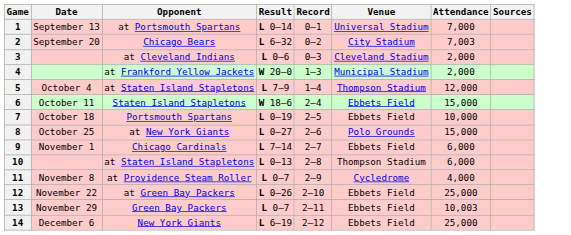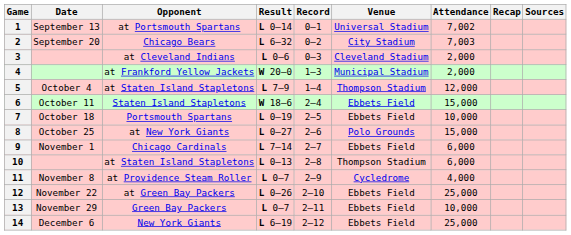 <table class="wikitable" style="text-align:center">
 <tr>
 <th>Game</th>
 <th>Date</th>
 <th>Opponent</th>
 <th>Result</th>
 <th>Record</th>
 <th>Venue</th>
 <th>Attendance</th>
+<th>Recap</th>
 <th>Sources</th>
 </tr>
 <tr style="background:#fcc">
 <th>1</th>
 <td>September 13</td>
 <td>at <a href='#'>Portsmouth Spartans</a></td>
 <td><strong>L</strong> 0–14</td>
 <td>0–1</td>
 <td><a href='#'>Universal Stadium</a></td>
-<td>7,000</td>
+<td>7,002</td>
+<td></td>
 <td></td>
 </tr>
 <tr style="background:#fcc">
 <th>2</th>
 <td>September 20</td>
 <td><a href='#'>Chicago Bears</a></td>
 <td><strong>L</strong> 6–32</td>
 <td>0–2</td>
 <td><a href='#'>City Stadium</a></td>
 <td>7,003</td>
 <td></td>
+<td></td>
 </tr>
 <tr style="background:#fcc">
 <th>3</th>
 <td></td>
 <td>at <a href='#'>Cleveland Indians</a></td>
 <td><strong>L</strong> 0–6</td>
 <td>0–3</td>
 <td><a href='#'>Cleveland Stadium</a></td>
 <td>2,000</td>
+<td></td>
 <td></td>
 </tr>
 <tr style="background:#cfc">
 <th>4</th>
 <td></td>
 <td>at <a href='#'>Frankford Yellow Jackets</a></td>
 <td><strong>W</strong> 20–0</td>
 <td>1–3</td>
 <td><a href='#'>Municipal Stadium</a></td>
 <td>2,000</td>
 <td></td>
+<td></td>
 </tr>
 <tr style="background:#fcc">
 <th>5</th>
 <td>October 4</td>
 <td>at <a href='#'>Staten Island Stapletons</a></td>
 <td><strong>L</strong> 7–9</td>
 <td>1–4</td>
 <td><a href='#'>Thompson Stadium</a></td>
 <td>12,000</td>
+<td></td>
 <td></td>
 </tr>
 <tr style="background:#cfc">
 <th>6</th>
 <td>October 11</td>
 <td><a href='#'>Staten Island Stapletons</a></td>
 <td><strong>W</strong> 18–6</td>
 <td>2–4</td>
 <td><a href='#'>Ebbets Field</a></td>
 <td>15,000</td>
 <td></td>
+<td></td>
 </tr>
 <tr style="background:#fcc">
 <th>7</th>
 <td>October 18</td>
 <td><a href='#'>Portsmouth Spartans</a></td>
 <td><strong>L</strong> 0–19</td>
 <td>2–5</td>
 <td>Ebbets Field</td>
 <td>10,000</td>
+<td></td>
 <td></td>
 </tr>
 <tr style="background:#fcc">
 <th>8</th>
 <td>October 25</td>
 <td>at <a href='#'>New York Giants</a></td>
 <td><strong>L</strong> 0–27</td>
 <td>2–6</td>
 <td><a href='#'>Polo Grounds</a></td>
 <td>15,000</td>
 <td></td>
+<td></td>
 </tr>
 <tr style="background:#fcc">
 <th>9</th>
 <td>November 1</td>
 <td><a href='#'>Chicago Cardinals</a></td>
 <td><strong>L</strong> 7–14</td>
 <td>2–7</td>
 <td>Ebbets Field</td>
 <td>6,000</td>
+<td></td>
 <td></td>
 </tr>
 <tr style="background:#fcc">
 <th>10</th>
 <td></td>
 <td>at <a href='#'>Staten Island Stapletons</a></td>
 <td><strong>L</strong> 0–13</td>
 <td>2–8</td>
 <td>Thompson Stadium</td>
 <td>6,000</td>
 <td></td>
+<td></td>
 </tr>
 <tr style="background:#fcc">
 <th>11</th>
 <td>November 8</td>
 <td>at <a href='#'>Providence Steam Roller</a></td>
 <td><strong>L</strong> 0–7</td>
 <td>2–9</td>
 <td><a href='#'>Cycledrome</a></td>
 <td>4,000</td>
+<td></td>
 <td></td>
 </tr>
 <tr style="background:#fcc">
 <th>12</th>
 <td>November 22</td>
 <td>at <a href='#'>Green Bay Packers</a></td>
 <td><strong>L</strong> 0–26</td>
 <td>2–10</td>
 <td>Ebbets Field</td>
 <td>25,000</td>
 <td></td>
+<td></td>
 </tr>
 <tr style="background:#fcc">
 <th>13</th>
 <td>November 29</td>
 <td><a href='#'>Green Bay Packers</a></td>
 <td><strong>L</strong> 0–7</td>
 <td>2–11</td>
 <td>Ebbets Field</td>
-<td>10,003</td>
+<td>10,000</td>
+<td></td>
 <td></td>
 </tr>
 <tr style="background:#fcc">
 <th>14</th>
 <td>December 6</td>
 <td><a href='#'>New York Giants</a></td>
 <td><strong>L</strong> 6–19</td>
 <td>2–12</td>
 <td>Ebbets Field</td>
 <td>25,000</td>
 <td></td>
+<td></td>
 </tr>
 </table>
